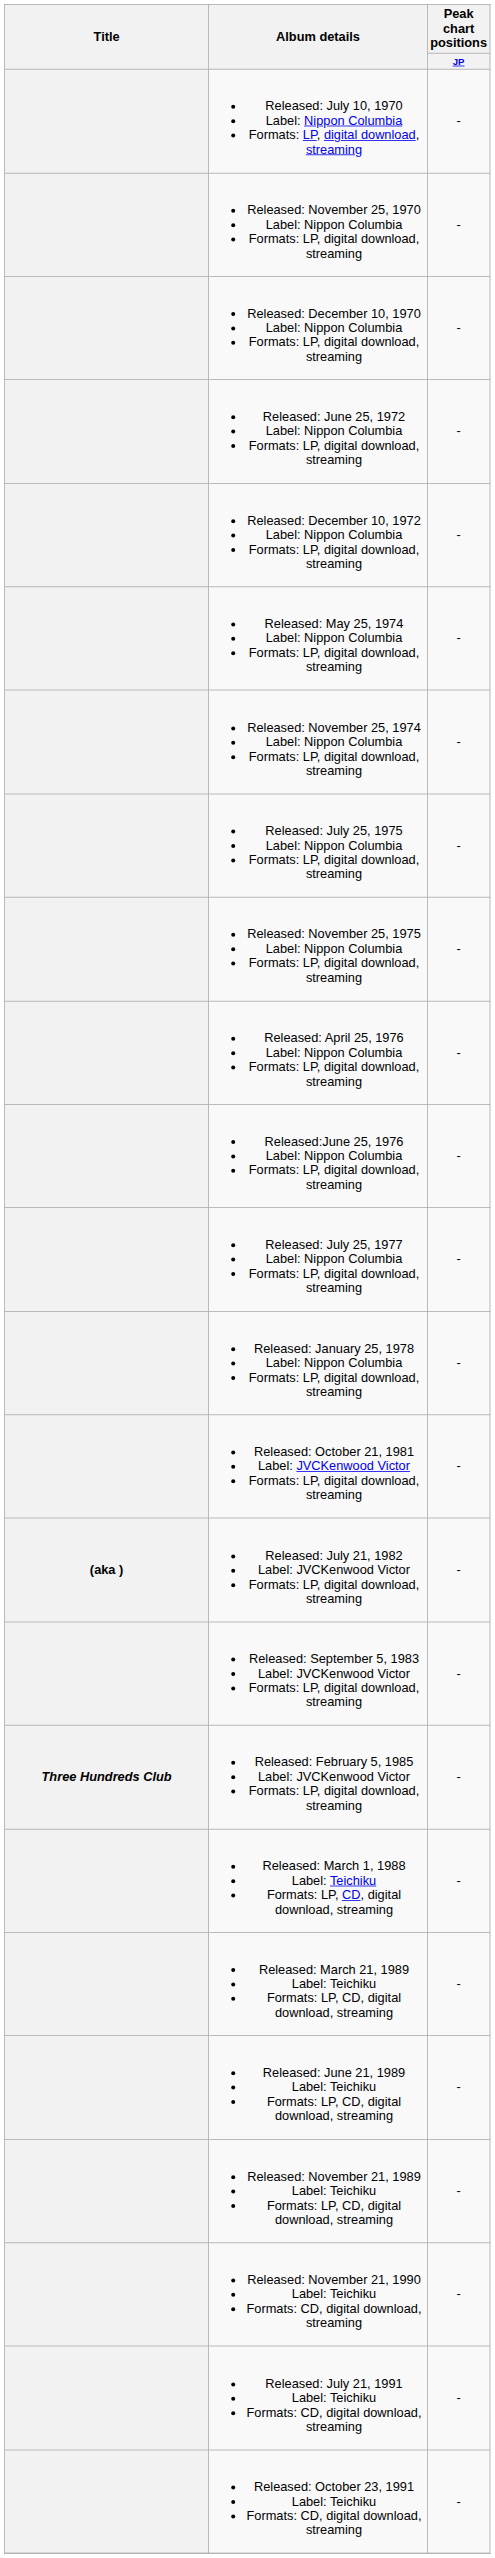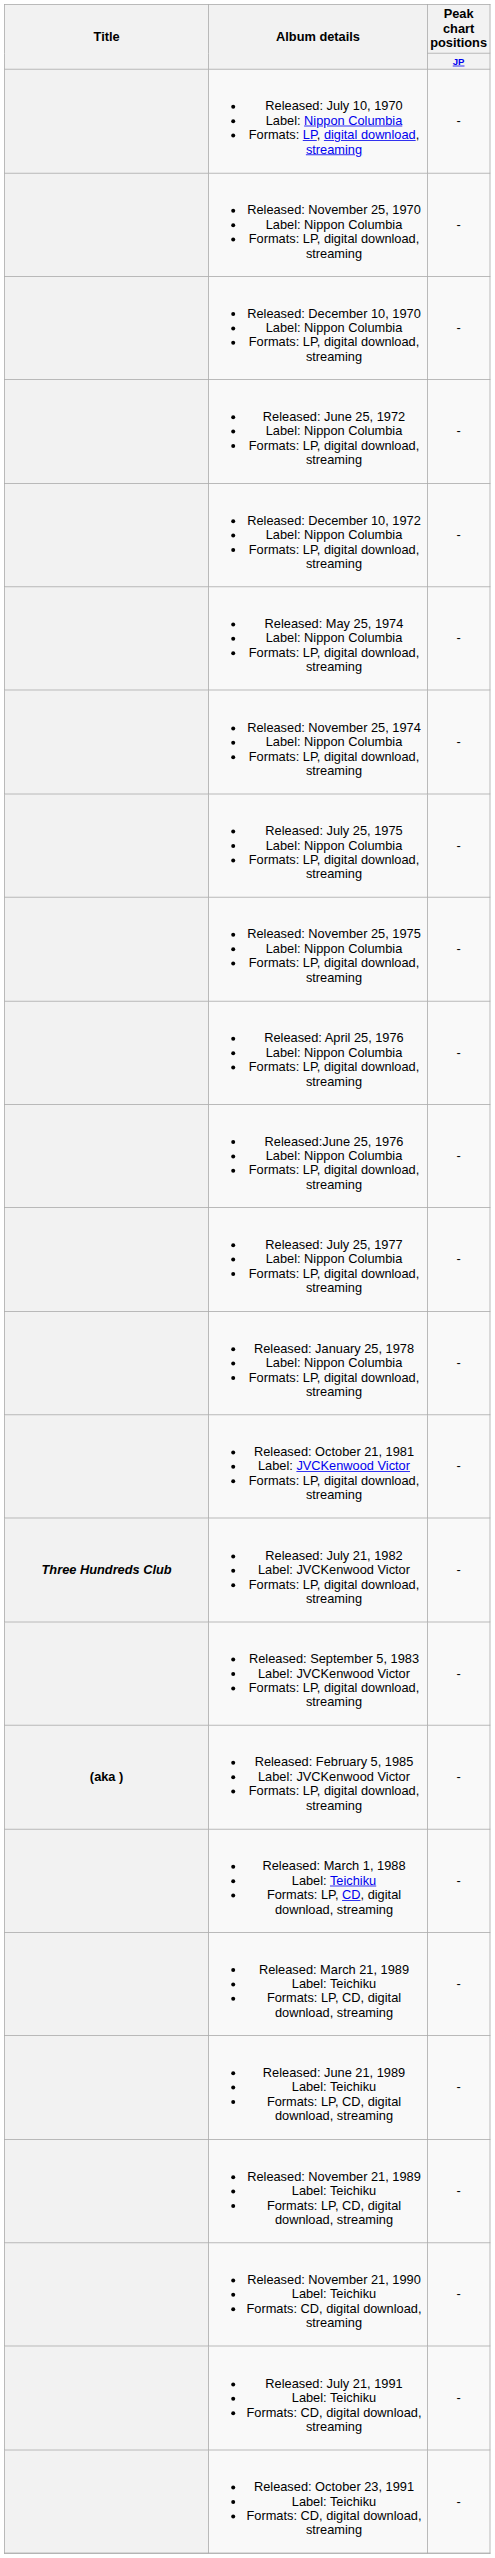 <table class="wikitable plainrowheaders" style="text-align:center;">
 <tr>
 <th scope="col" rowspan="2" style="width:19em;">Title</th>
 <th scope="col" rowspan="2" style="width:19em;">Album details</th>
 <th scope="col">Peak chart positions</th>
 </tr>
 <tr>
 <th style="width:2em;font-size:75%"><a href='#'>JP</a><br></th>
 </tr>
 <tr>
 <th scope="row"></th>
 <td><br><ul><li>Released: July 10, 1970</li><li>Label: <a href='#'>Nippon Columbia</a></li><li>Formats: <a href='#'>LP</a>, <a href='#'>digital download</a>, <a href='#'>streaming</a></li></ul></td>
 <td>-</td>
 </tr>
 <tr>
 <th scope="row"></th>
 <td><br><ul><li>Released: November 25, 1970</li><li>Label: Nippon Columbia</li><li>Formats: LP, digital download, streaming</li></ul></td>
 <td>-</td>
 </tr>
 <tr>
 <th scope="row"></th>
 <td><br><ul><li>Released: December 10, 1970</li><li>Label: Nippon Columbia</li><li>Formats: LP, digital download, streaming</li></ul></td>
 <td>-</td>
 </tr>
 <tr>
 <th scope="row"></th>
 <td><br><ul><li>Released: June 25, 1972</li><li>Label: Nippon Columbia</li><li>Formats: LP, digital download, streaming</li></ul></td>
 <td>-</td>
 </tr>
 <tr>
 <th scope="row"></th>
 <td><br><ul><li>Released: December 10, 1972</li><li>Label: Nippon Columbia</li><li>Formats: LP, digital download, streaming</li></ul></td>
 <td>-</td>
 </tr>
 <tr>
 <th scope="row"></th>
 <td><br><ul><li>Released: May 25, 1974</li><li>Label: Nippon Columbia</li><li>Formats: LP, digital download, streaming</li></ul></td>
 <td>-</td>
 </tr>
 <tr>
 <th scope="row"></th>
 <td><br><ul><li>Released: November 25, 1974</li><li>Label: Nippon Columbia</li><li>Formats: LP, digital download, streaming</li></ul></td>
 <td>-</td>
 </tr>
 <tr>
 <th scope="row"></th>
 <td><br><ul><li>Released: July 25, 1975</li><li>Label: Nippon Columbia</li><li>Formats: LP, digital download, streaming</li></ul></td>
 <td>-</td>
 </tr>
 <tr>
 <th scope="row"></th>
 <td><br><ul><li>Released: November 25, 1975</li><li>Label: Nippon Columbia</li><li>Formats: LP, digital download, streaming</li></ul></td>
 <td>-</td>
 </tr>
 <tr>
 <th scope="row"></th>
 <td><br><ul><li>Released: April 25, 1976</li><li>Label: Nippon Columbia</li><li>Formats: LP, digital download, streaming</li></ul></td>
 <td>-</td>
 </tr>
 <tr>
 <th scope="row"></th>
 <td><br><ul><li>Released:June 25, 1976</li><li>Label: Nippon Columbia</li><li>Formats: LP, digital download, streaming</li></ul></td>
 <td>-</td>
 </tr>
 <tr>
 <th scope="row"></th>
 <td><br><ul><li>Released: July 25, 1977</li><li>Label: Nippon Columbia</li><li>Formats: LP, digital download, streaming</li></ul></td>
 <td>-</td>
 </tr>
 <tr>
 <th scope="row"></th>
 <td><br><ul><li>Released: January 25, 1978</li><li>Label: Nippon Columbia</li><li>Formats: LP, digital download, streaming</li></ul></td>
 <td>-</td>
 </tr>
 <tr>
 <th scope="row"></th>
 <td><br><ul><li>Released: October 21, 1981</li><li>Label: <a href='#'>JVCKenwood Victor</a></li><li>Formats: LP, digital download, streaming</li></ul></td>
 <td>-</td>
 </tr>
 <tr>
-<th scope="row">  (aka )</th>
+<th scope="row"><em>Three Hundreds Club</em></th>
 <td><br><ul><li>Released: July 21, 1982</li><li>Label: JVCKenwood Victor</li><li>Formats: LP, digital download, streaming</li></ul></td>
 <td>-</td>
 </tr>
 <tr>
 <th scope="row"></th>
 <td><br><ul><li>Released: September 5, 1983</li><li>Label: JVCKenwood Victor</li><li>Formats: LP, digital download, streaming</li></ul></td>
 <td>-</td>
 </tr>
 <tr>
-<th scope="row"><em>Three Hundreds Club</em></th>
+<th scope="row">  (aka )</th>
 <td><br><ul><li>Released: February 5, 1985</li><li>Label: JVCKenwood Victor</li><li>Formats: LP, digital download, streaming</li></ul></td>
 <td>-</td>
 </tr>
 <tr>
 <th scope="row"></th>
 <td><br><ul><li>Released: March 1, 1988</li><li>Label: <a href='#'>Teichiku</a></li><li>Formats: LP, <a href='#'>CD</a>, digital download, streaming</li></ul></td>
 <td>-</td>
 </tr>
 <tr>
 <th scope="row"></th>
 <td><br><ul><li>Released: March 21, 1989</li><li>Label: Teichiku</li><li>Formats: LP, CD, digital download, streaming</li></ul></td>
 <td>-</td>
 </tr>
 <tr>
 <th scope="row"></th>
 <td><br><ul><li>Released: June 21, 1989</li><li>Label: Teichiku</li><li>Formats: LP, CD, digital download, streaming</li></ul></td>
 <td>-</td>
 </tr>
 <tr>
 <th scope="row"></th>
 <td><br><ul><li>Released: November 21, 1989</li><li>Label: Teichiku</li><li>Formats: LP, CD, digital download, streaming</li></ul></td>
 <td>-</td>
 </tr>
 <tr>
 <th scope="row"></th>
 <td><br><ul><li>Released: November 21, 1990</li><li>Label: Teichiku</li><li>Formats: CD, digital download, streaming</li></ul></td>
 <td>-</td>
 </tr>
 <tr>
 <th scope="row"></th>
 <td><br><ul><li>Released: July 21, 1991</li><li>Label: Teichiku</li><li>Formats: CD, digital download, streaming</li></ul></td>
 <td>-</td>
 </tr>
 <tr>
 <th scope="row"></th>
 <td><br><ul><li>Released: October 23, 1991</li><li>Label: Teichiku</li><li>Formats: CD, digital download, streaming</li></ul></td>
 <td>-</td>
 </tr>
 <tr>
 </tr>
 </table>
